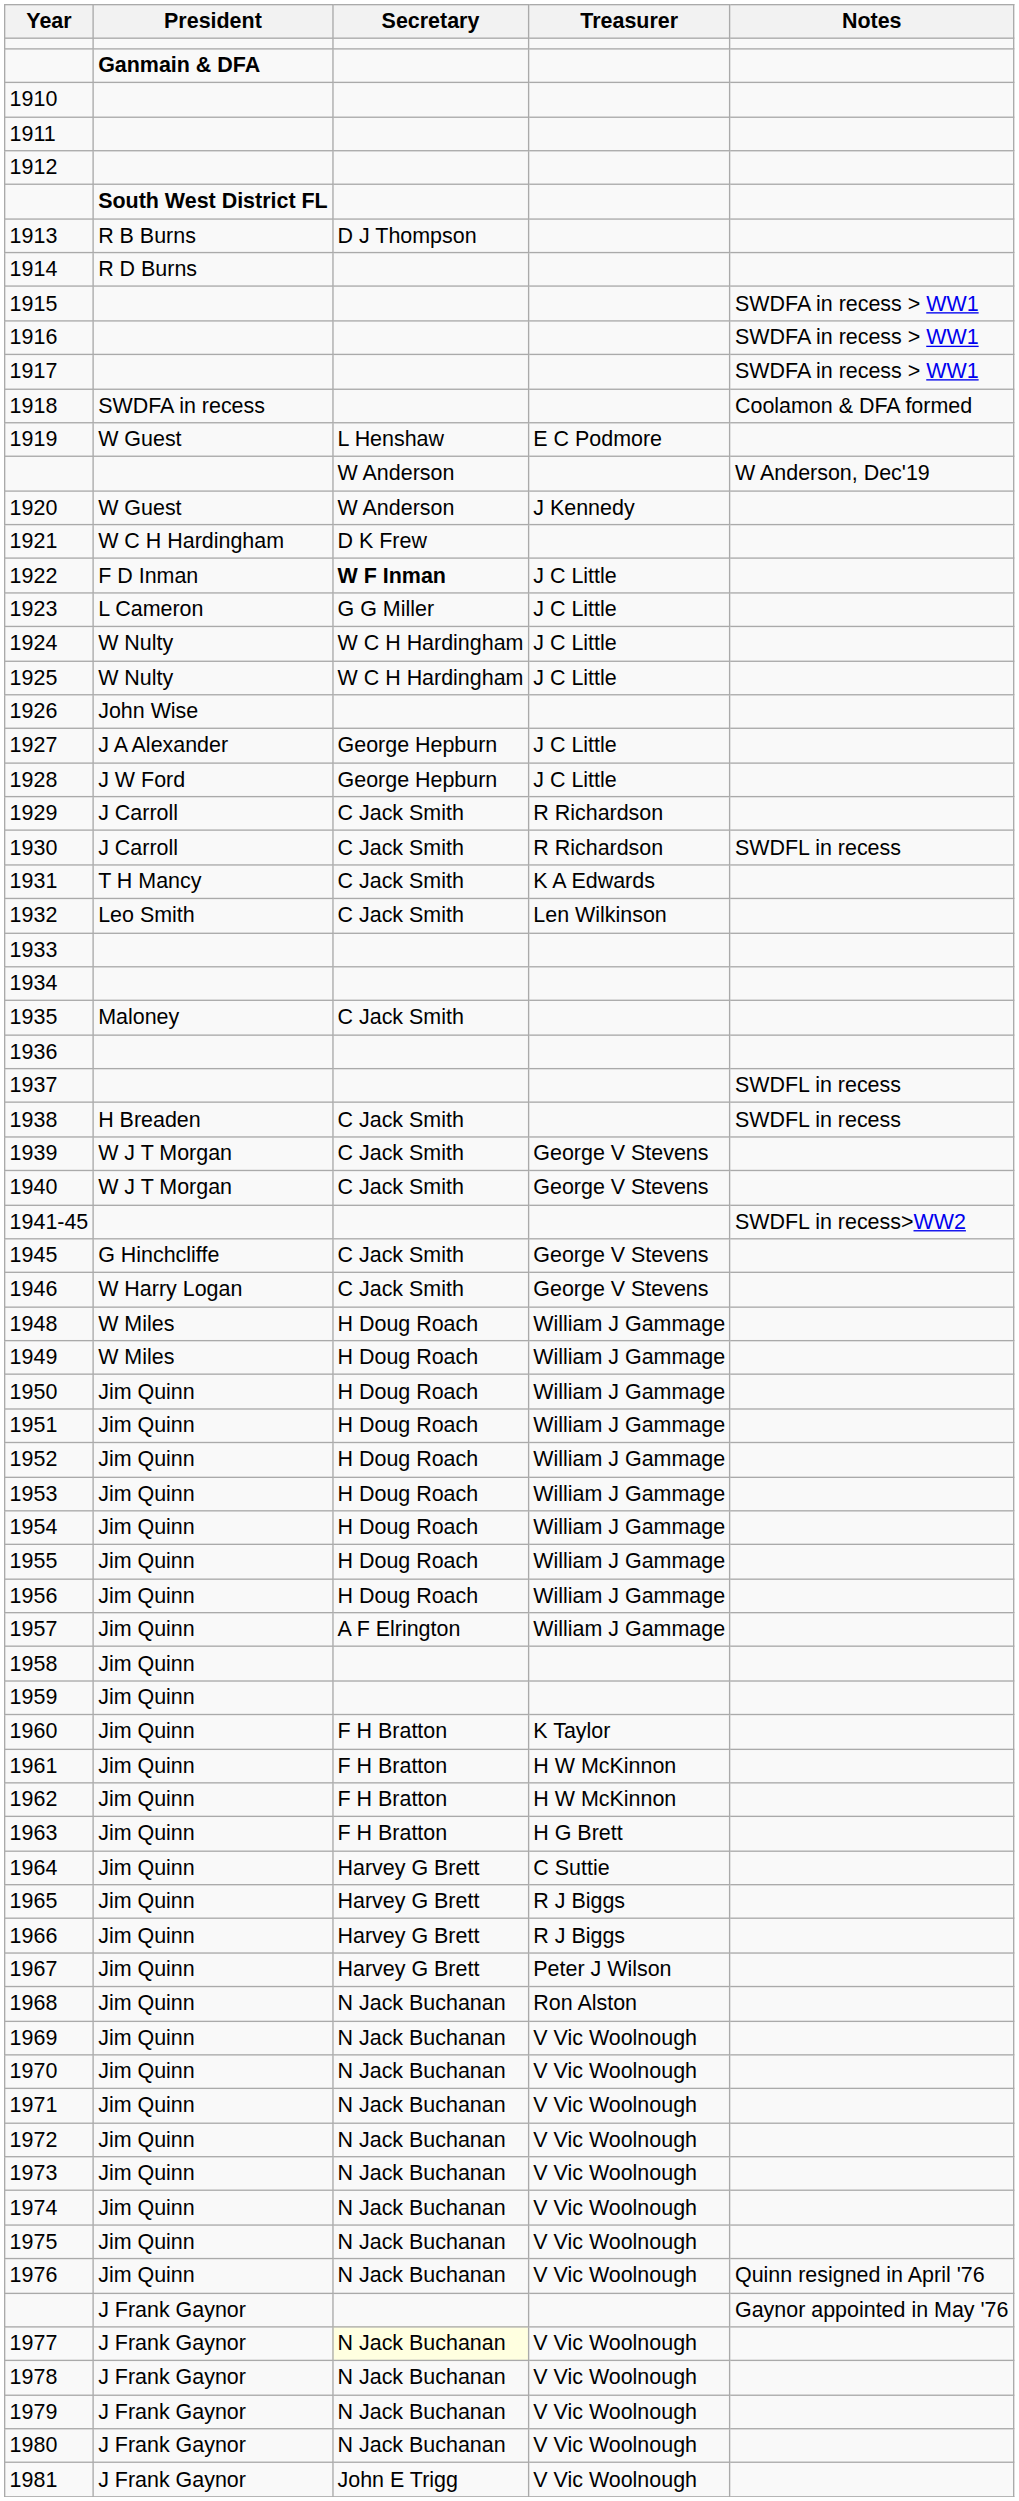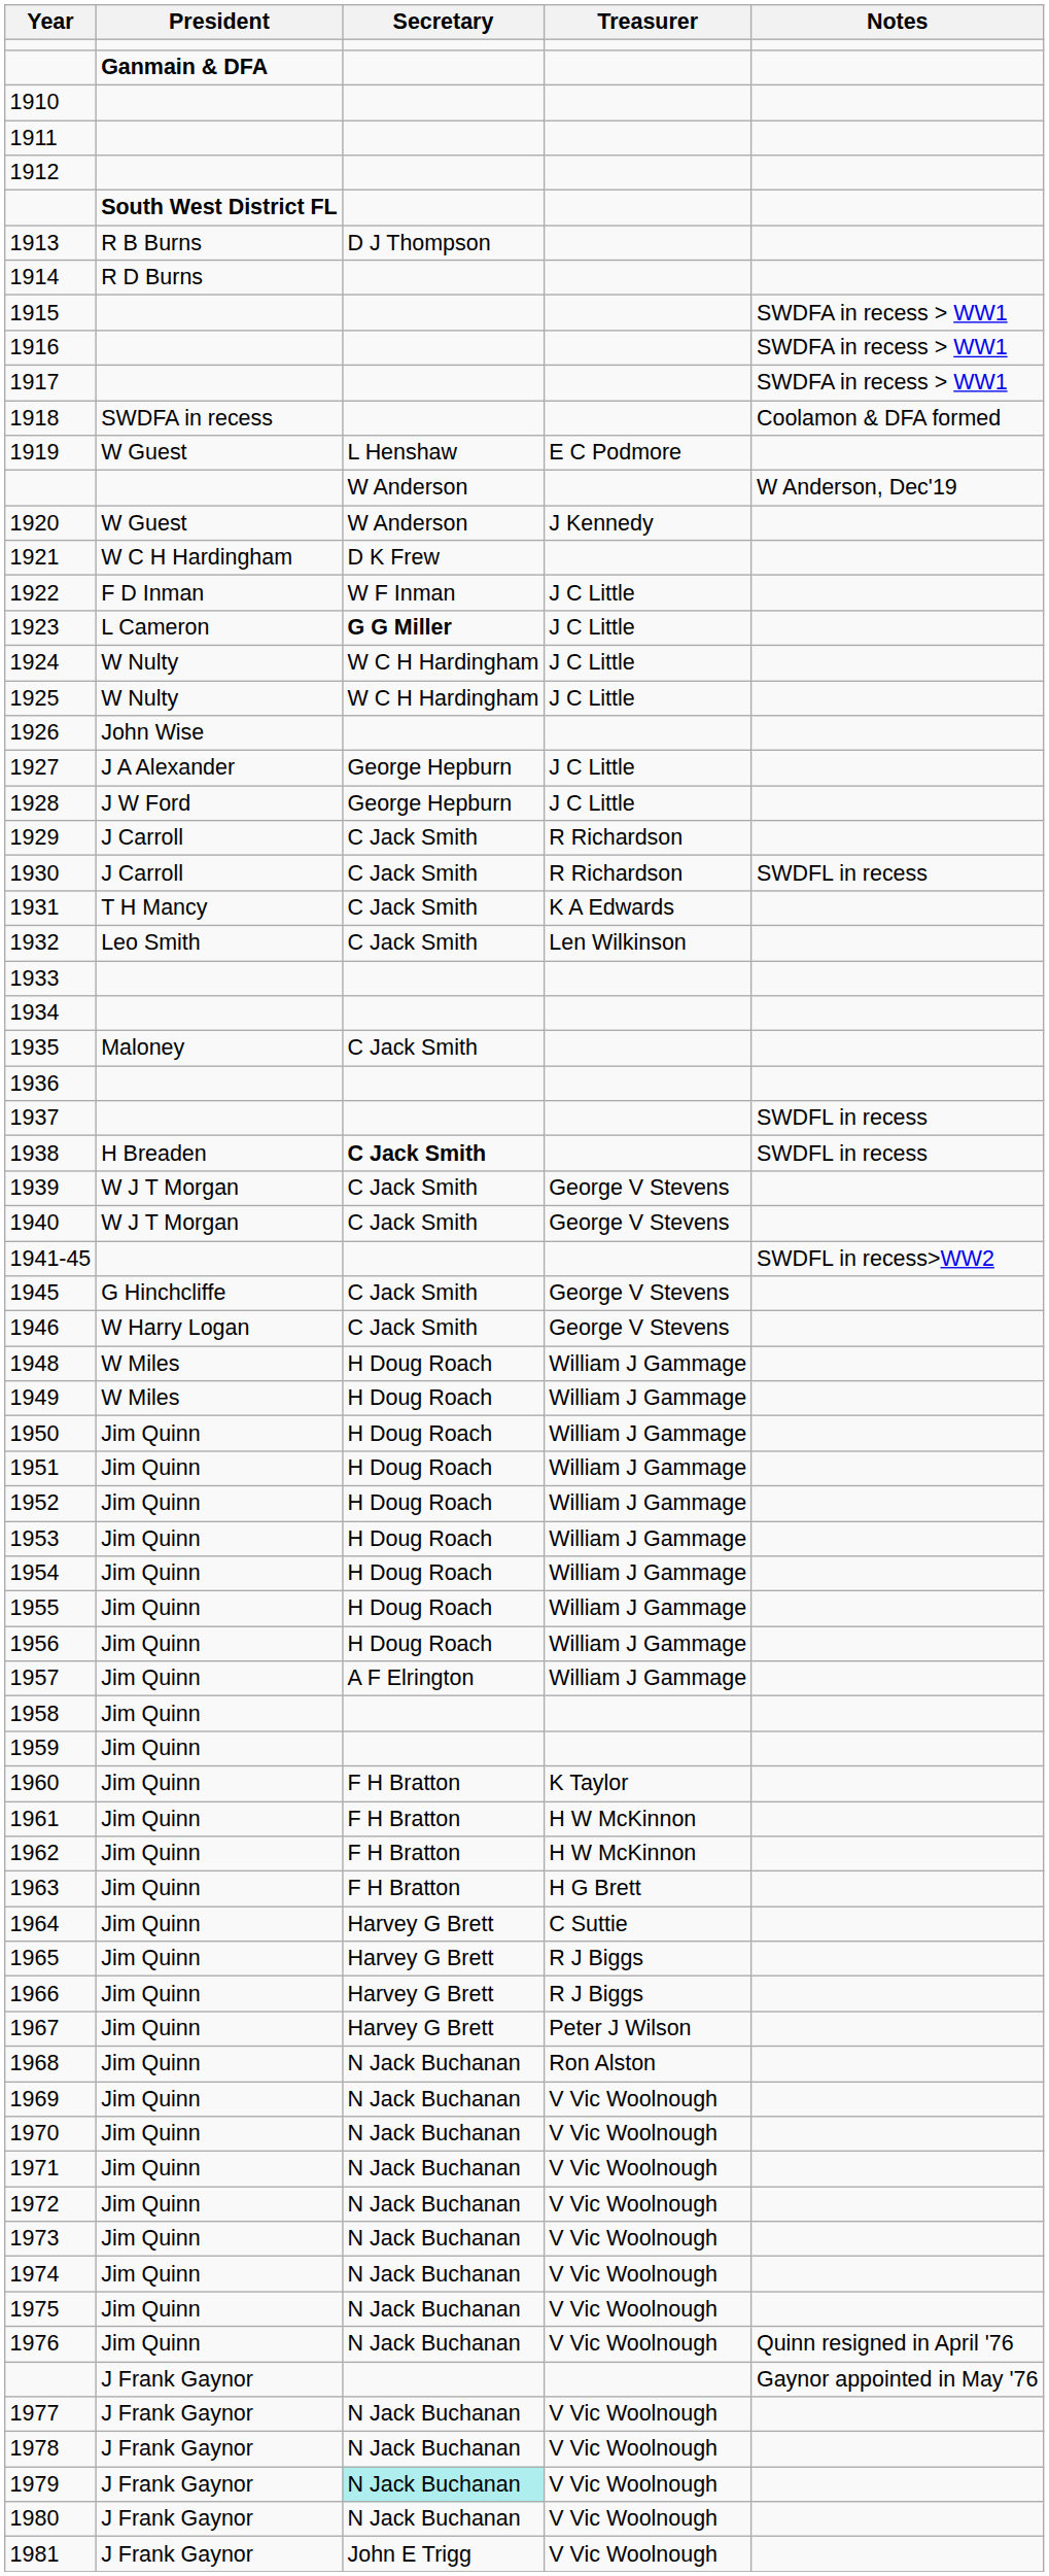 <table class="wikitable sortable">
 <tr>
 <th>Year</th>
 <th>President</th>
 <th>Secretary</th>
 <th>Treasurer</th>
 <th>Notes</th>
 </tr>
 <tr>
 <td></td>
 <td></td>
 <td></td>
 <td></td>
 <td></td>
 </tr>
 <tr>
 <td></td>
 <td><strong>Ganmain & DFA</strong></td>
 <td></td>
 <td></td>
 <td></td>
 </tr>
 <tr>
 <td>1910</td>
 <td></td>
 <td></td>
 <td></td>
 <td></td>
 </tr>
 <tr>
 <td>1911</td>
 <td></td>
 <td></td>
 <td></td>
 <td></td>
 </tr>
 <tr>
 <td>1912</td>
 <td></td>
 <td></td>
 <td></td>
 <td></td>
 </tr>
 <tr>
 <td></td>
 <td><strong>South West District FL</strong></td>
 <td></td>
 <td></td>
 <td></td>
 </tr>
 <tr>
 <td>1913</td>
 <td>R B Burns</td>
 <td>D J Thompson</td>
 <td></td>
 <td></td>
 </tr>
 <tr>
 <td>1914</td>
 <td>R D Burns</td>
 <td></td>
 <td></td>
 <td></td>
 </tr>
 <tr>
 <td>1915</td>
 <td></td>
 <td></td>
 <td></td>
 <td>SWDFA in recess > <a href='#'>WW1</a></td>
 </tr>
 <tr>
 <td>1916</td>
 <td></td>
 <td></td>
 <td></td>
 <td>SWDFA in recess > <a href='#'>WW1</a></td>
 </tr>
 <tr>
 <td>1917</td>
 <td></td>
 <td></td>
 <td></td>
 <td>SWDFA in recess > <a href='#'>WW1</a></td>
 </tr>
 <tr>
 <td>1918</td>
 <td>SWDFA in recess</td>
 <td></td>
 <td></td>
 <td>Coolamon & DFA formed</td>
 </tr>
 <tr>
 <td>1919</td>
 <td>W Guest</td>
 <td>L Henshaw</td>
 <td>E C Podmore</td>
 <td></td>
 </tr>
 <tr>
 <td></td>
 <td></td>
 <td>W Anderson</td>
 <td></td>
 <td>W Anderson, Dec'19</td>
 </tr>
 <tr>
 <td>1920</td>
 <td>W Guest</td>
 <td>W Anderson</td>
 <td>J Kennedy</td>
 <td></td>
 </tr>
 <tr>
 <td>1921</td>
 <td>W C H Hardingham</td>
 <td>D K Frew</td>
 <td></td>
 <td></td>
 </tr>
 <tr>
 <td>1922</td>
 <td>F D Inman</td>
-<td><strong>W F Inman</strong></td>
+<td>W F Inman</td>
 <td>J C Little</td>
 <td></td>
 </tr>
 <tr>
 <td>1923</td>
 <td>L Cameron</td>
-<td>G G Miller</td>
+<td><strong>G G Miller</strong></td>
 <td>J C Little</td>
 <td></td>
 </tr>
 <tr>
 <td>1924</td>
 <td>W Nulty</td>
 <td>W C H Hardingham</td>
 <td>J C Little</td>
 <td></td>
 </tr>
 <tr>
 <td>1925</td>
 <td>W Nulty</td>
 <td>W C H Hardingham</td>
 <td>J C Little</td>
 <td></td>
 </tr>
 <tr>
 <td>1926</td>
 <td>John Wise</td>
 <td></td>
 <td></td>
 <td></td>
 </tr>
 <tr>
 <td>1927</td>
 <td>J A Alexander</td>
 <td>George Hepburn</td>
 <td>J C Little</td>
 <td></td>
 </tr>
 <tr>
 <td>1928</td>
 <td>J W Ford</td>
 <td>George Hepburn</td>
 <td>J C Little</td>
 <td></td>
 </tr>
 <tr>
 <td>1929</td>
 <td>J Carroll</td>
 <td>C Jack Smith</td>
 <td>R Richardson</td>
 <td></td>
 </tr>
 <tr>
 <td>1930</td>
 <td>J Carroll</td>
 <td>C Jack Smith</td>
 <td>R Richardson</td>
 <td>SWDFL in recess</td>
 </tr>
 <tr>
 <td>1931</td>
 <td>T H Mancy</td>
 <td>C Jack Smith</td>
 <td>K A Edwards</td>
 <td></td>
 </tr>
 <tr>
 <td>1932</td>
 <td>Leo Smith</td>
 <td>C Jack Smith</td>
 <td>Len Wilkinson</td>
 <td></td>
 </tr>
 <tr>
 <td>1933</td>
 <td></td>
 <td></td>
 <td></td>
 <td></td>
 </tr>
 <tr>
 <td>1934</td>
 <td></td>
 <td></td>
 <td></td>
 <td></td>
 </tr>
 <tr>
 <td>1935</td>
 <td>Maloney</td>
 <td>C Jack Smith</td>
 <td></td>
 <td></td>
 </tr>
 <tr>
 <td>1936</td>
 <td></td>
 <td></td>
 <td></td>
 <td></td>
 </tr>
 <tr>
 <td>1937</td>
 <td></td>
 <td></td>
 <td></td>
 <td>SWDFL in recess</td>
 </tr>
 <tr>
 <td>1938</td>
 <td>H Breaden</td>
-<td>C Jack Smith</td>
+<td><strong>C Jack Smith</strong></td>
 <td></td>
 <td>SWDFL in recess</td>
 </tr>
 <tr>
 <td>1939</td>
 <td>W J T Morgan</td>
 <td>C Jack Smith</td>
 <td>George V Stevens</td>
 <td></td>
 </tr>
 <tr>
 <td>1940</td>
 <td>W J T Morgan</td>
 <td>C Jack Smith</td>
 <td>George V Stevens</td>
 <td></td>
 </tr>
 <tr>
 <td>1941-45</td>
 <td></td>
 <td></td>
 <td></td>
 <td>SWDFL in recess><a href='#'>WW2</a></td>
 </tr>
 <tr>
 <td>1945</td>
 <td>G Hinchcliffe</td>
 <td>C Jack Smith</td>
 <td>George V Stevens</td>
 <td></td>
 </tr>
 <tr>
 <td>1946</td>
 <td>W Harry Logan</td>
 <td>C Jack Smith</td>
 <td>George V Stevens</td>
 <td></td>
 </tr>
 <tr>
 <td>1948</td>
 <td>W Miles</td>
 <td>H Doug Roach</td>
 <td>William J Gammage</td>
 <td></td>
 </tr>
 <tr>
 <td>1949</td>
 <td>W Miles</td>
 <td>H Doug Roach</td>
 <td>William J Gammage</td>
 <td></td>
 </tr>
 <tr>
 <td>1950</td>
 <td>Jim Quinn</td>
 <td>H Doug Roach</td>
 <td>William J Gammage</td>
 <td></td>
 </tr>
 <tr>
 <td>1951</td>
 <td>Jim Quinn</td>
 <td>H Doug Roach</td>
 <td>William J Gammage</td>
 <td></td>
 </tr>
 <tr>
 <td>1952</td>
 <td>Jim Quinn</td>
 <td>H Doug Roach</td>
 <td>William J Gammage</td>
 <td></td>
 </tr>
 <tr>
 <td>1953</td>
 <td>Jim Quinn</td>
 <td>H Doug Roach</td>
 <td>William J Gammage</td>
 <td></td>
 </tr>
 <tr>
 <td>1954</td>
 <td>Jim Quinn</td>
 <td>H Doug Roach</td>
 <td>William J Gammage</td>
 <td></td>
 </tr>
 <tr>
 <td>1955</td>
 <td>Jim Quinn</td>
 <td>H Doug Roach</td>
 <td>William J Gammage</td>
 <td></td>
 </tr>
 <tr>
 <td>1956</td>
 <td>Jim Quinn</td>
 <td>H Doug Roach</td>
 <td>William J Gammage</td>
 <td></td>
 </tr>
 <tr>
 <td>1957</td>
 <td>Jim Quinn</td>
 <td>A F Elrington</td>
 <td>William J Gammage</td>
 <td></td>
 </tr>
 <tr>
 <td>1958</td>
 <td>Jim Quinn</td>
 <td></td>
 <td></td>
 <td></td>
 </tr>
 <tr>
 <td>1959</td>
 <td>Jim Quinn</td>
 <td></td>
 <td></td>
 <td></td>
 </tr>
 <tr>
 <td>1960</td>
 <td>Jim Quinn</td>
 <td>F H Bratton</td>
 <td>K Taylor</td>
 <td></td>
 </tr>
 <tr>
 <td>1961</td>
 <td>Jim Quinn</td>
 <td>F H Bratton</td>
 <td>H W McKinnon</td>
 <td></td>
 </tr>
 <tr>
 <td>1962</td>
 <td>Jim Quinn</td>
 <td>F H Bratton</td>
 <td>H W McKinnon</td>
 <td></td>
 </tr>
 <tr>
 <td>1963</td>
 <td>Jim Quinn</td>
 <td>F H Bratton</td>
 <td>H G Brett</td>
 <td></td>
 </tr>
 <tr>
 <td>1964</td>
 <td>Jim Quinn</td>
 <td>Harvey G Brett</td>
 <td>C Suttie</td>
 <td></td>
 </tr>
 <tr>
 <td>1965</td>
 <td>Jim Quinn</td>
 <td>Harvey G Brett</td>
 <td>R J Biggs</td>
 <td></td>
 </tr>
 <tr>
 <td>1966</td>
 <td>Jim Quinn</td>
 <td>Harvey G Brett</td>
 <td>R J Biggs</td>
 <td></td>
 </tr>
 <tr>
 <td>1967</td>
 <td>Jim Quinn</td>
 <td>Harvey G Brett</td>
 <td>Peter J Wilson</td>
 <td></td>
 </tr>
 <tr>
 <td>1968</td>
 <td>Jim Quinn</td>
 <td>N Jack Buchanan</td>
 <td>Ron Alston</td>
 <td></td>
 </tr>
 <tr>
 <td>1969</td>
 <td>Jim Quinn</td>
 <td>N Jack Buchanan</td>
 <td>V Vic Woolnough</td>
 <td></td>
 </tr>
 <tr>
 <td>1970</td>
 <td>Jim Quinn</td>
 <td>N Jack Buchanan</td>
 <td>V Vic Woolnough</td>
 <td></td>
 </tr>
 <tr>
 <td>1971</td>
 <td>Jim Quinn</td>
 <td>N Jack Buchanan</td>
 <td>V Vic Woolnough</td>
 <td></td>
 </tr>
 <tr>
 <td>1972</td>
 <td>Jim Quinn</td>
 <td>N Jack Buchanan</td>
 <td>V Vic Woolnough</td>
 <td></td>
 </tr>
 <tr>
 <td>1973</td>
 <td>Jim Quinn</td>
 <td>N Jack Buchanan</td>
 <td>V Vic Woolnough</td>
 <td></td>
 </tr>
 <tr>
 <td>1974</td>
 <td>Jim Quinn</td>
 <td>N Jack Buchanan</td>
 <td>V Vic Woolnough</td>
 <td></td>
 </tr>
 <tr>
 <td>1975</td>
 <td>Jim Quinn</td>
 <td>N Jack Buchanan</td>
 <td>V Vic Woolnough</td>
 <td></td>
 </tr>
 <tr>
 <td>1976</td>
 <td>Jim Quinn</td>
 <td>N Jack Buchanan</td>
 <td>V Vic Woolnough</td>
 <td>Quinn resigned in April '76</td>
 </tr>
 <tr>
 <td></td>
 <td>J Frank Gaynor</td>
 <td></td>
 <td></td>
 <td>Gaynor appointed in May '76</td>
 </tr>
 <tr>
 <td>1977</td>
 <td>J Frank Gaynor</td>
-<td style="background: lightyellow;">N Jack Buchanan</td>
+<td>N Jack Buchanan</td>
 <td>V Vic Woolnough</td>
 <td></td>
 </tr>
 <tr>
 <td>1978</td>
 <td>J Frank Gaynor</td>
 <td>N Jack Buchanan</td>
 <td>V Vic Woolnough</td>
 <td></td>
 </tr>
 <tr>
 <td>1979</td>
 <td>J Frank Gaynor</td>
-<td>N Jack Buchanan</td>
+<td style="background: paleturquoise;">N Jack Buchanan</td>
 <td>V Vic Woolnough</td>
 <td></td>
 </tr>
 <tr>
 <td>1980</td>
 <td>J Frank Gaynor</td>
 <td>N Jack Buchanan</td>
 <td>V Vic Woolnough</td>
 <td></td>
 </tr>
 <tr>
 <td>1981</td>
 <td>J Frank Gaynor</td>
 <td>John E Trigg</td>
 <td>V Vic Woolnough</td>
 <td></td>
 </tr>
 <tr>
 </tr>
 </table>
